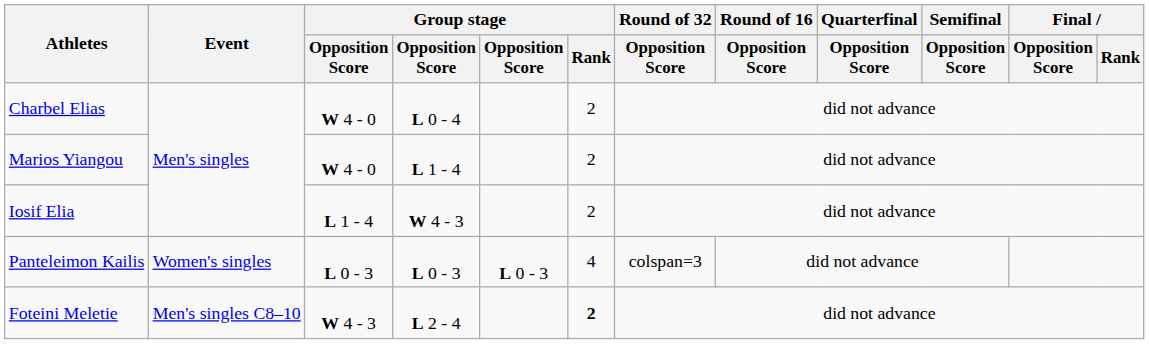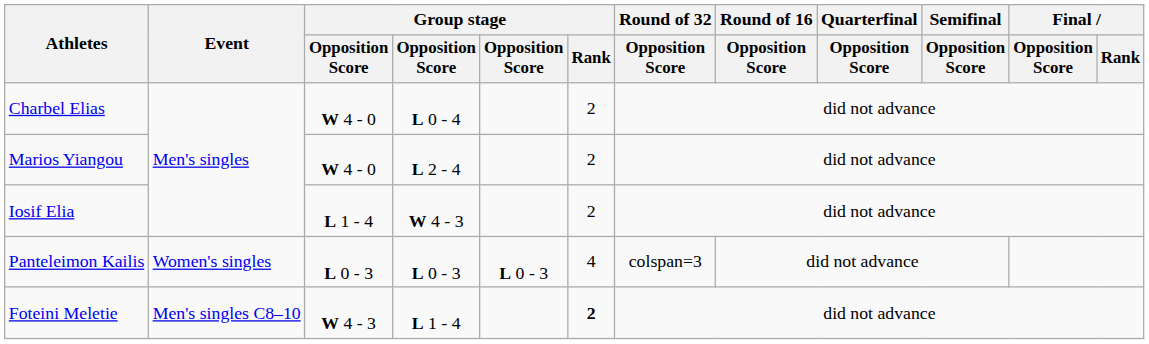 <table class=wikitable style=font-size:88%;text-align:center>
 <tr>
 <th rowspan=2>Athletes</th>
 <th rowspan=2>Event</th>
 <th colspan=4>Group stage</th>
 <th>Round of 32</th>
 <th>Round of 16</th>
 <th>Quarterfinal</th>
 <th>Semifinal</th>
 <th colspan=2>Final / </th>
 </tr>
 <tr style=font-size:95%>
 <th>Opposition<br>Score</th>
 <th>Opposition<br>Score</th>
 <th>Opposition<br>Score</th>
 <th>Rank</th>
 <th>Opposition<br>Score</th>
 <th>Opposition<br>Score</th>
 <th>Opposition<br>Score</th>
 <th>Opposition<br>Score</th>
 <th>Opposition<br>Score</th>
 <th>Rank</th>
 </tr>
 <tr>
 <td align=left><a href='#'>Charbel Elias</a></td>
 <td align=left rowspan=3><a href='#'>Men's singles</a></td>
 <td><br><strong>W</strong> 4 - 0</td>
 <td><br><strong>L</strong> 0 - 4</td>
 <td></td>
 <td>2</td>
 <td colspan=6>did not advance</td>
 </tr>
 <tr>
 <td align=left><a href='#'>Marios Yiangou</a></td>
 <td><br><strong>W</strong> 4 - 0</td>
-<td><br><strong>L</strong> 1 - 4</td>
+<td><br><strong>L</strong> 2 - 4</td>
 <td></td>
 <td>2</td>
 <td colspan=6>did not advance</td>
 </tr>
 <tr>
 <td align=left><a href='#'>Iosif Elia</a></td>
 <td><br><strong>L</strong> 1 - 4</td>
 <td><br><strong>W</strong> 4 - 3</td>
 <td></td>
 <td>2</td>
 <td colspan=6>did not advance</td>
 </tr>
 <tr>
 <td align=left><a href='#'>Panteleimon Kailis</a></td>
 <td align=left><a href='#'>Women's singles</a></td>
 <td><br><strong>L</strong> 0 - 3</td>
 <td><br><strong>L</strong> 0 - 3</td>
 <td><br><strong>L</strong> 0 - 3</td>
 <td>4</td>
 <td>colspan=3 </td>
 <td colspan=3>did not advance</td>
 </tr>
 <tr>
 <td align=left><a href='#'>Foteini Meletie</a></td>
 <td align=left><a href='#'>Men's singles C8–10</a></td>
 <td><br><strong>W</strong> 4 - 3</td>
-<td><br><strong>L</strong> 2 - 4</td>
+<td><br><strong>L</strong> 1 - 4</td>
 <td></td>
 <td><strong>2</strong></td>
 <td colspan=6>did not advance</td>
 </tr>
 </table>
